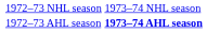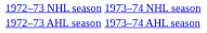 <table>
 <tr>
 <td><a href='#'>1972–73 NHL season</a></td>
 <td><a href='#'>1973–74 NHL season</a></td>
 </tr>
 <tr>
 <td><a href='#'>1972–73 AHL season</a></td>
-<td><strong><a href='#'>1973–74 AHL season</a></strong></td>
+<td><a href='#'>1973–74 AHL season</a></td>
 </tr>
 <tr>
 </tr>
 </table>
